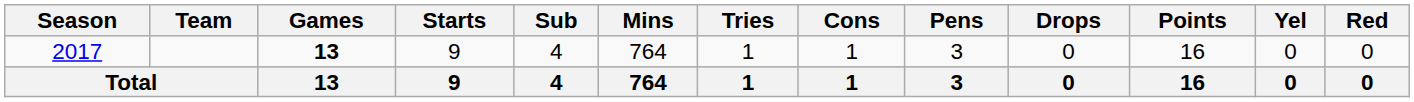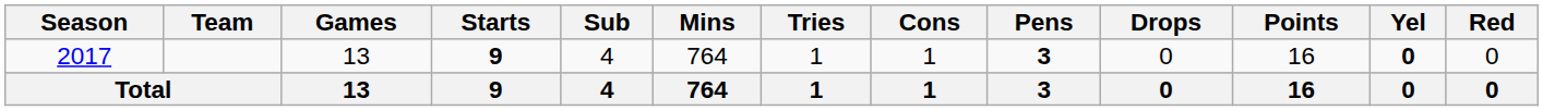 <table class="wikitable" style="text-align:center; line-height:90%; font-size:95%; width:60%;">
 <tr>
 <th>Season</th>
 <th>Team</th>
 <th>Games</th>
 <th>Starts</th>
 <th>Sub</th>
 <th>Mins</th>
 <th>Tries</th>
 <th>Cons</th>
 <th>Pens</th>
 <th>Drops</th>
 <th>Points</th>
 <th>Yel</th>
 <th>Red</th>
 </tr>
 <tr>
 <td><a href='#'>2017</a></td>
 <td></td>
-<td><strong>13</strong></td>
-<td>9</td>
+<td>13</td>
+<td><strong>9</strong></td>
 <td>4</td>
 <td>764</td>
 <td>1</td>
 <td>1</td>
-<td>3</td>
+<td><strong>3</strong></td>
 <td>0</td>
 <td>16</td>
-<td>0</td>
+<td><strong>0</strong></td>
 <td>0</td>
 </tr>
 <tr>
 <th colspan="2">Total</th>
 <th>13</th>
 <th>9</th>
 <th>4</th>
 <th>764</th>
 <th>1</th>
 <th>1</th>
 <th>3</th>
 <th>0</th>
 <th>16</th>
 <th>0</th>
 <th>0</th>
 </tr>
 </table>
